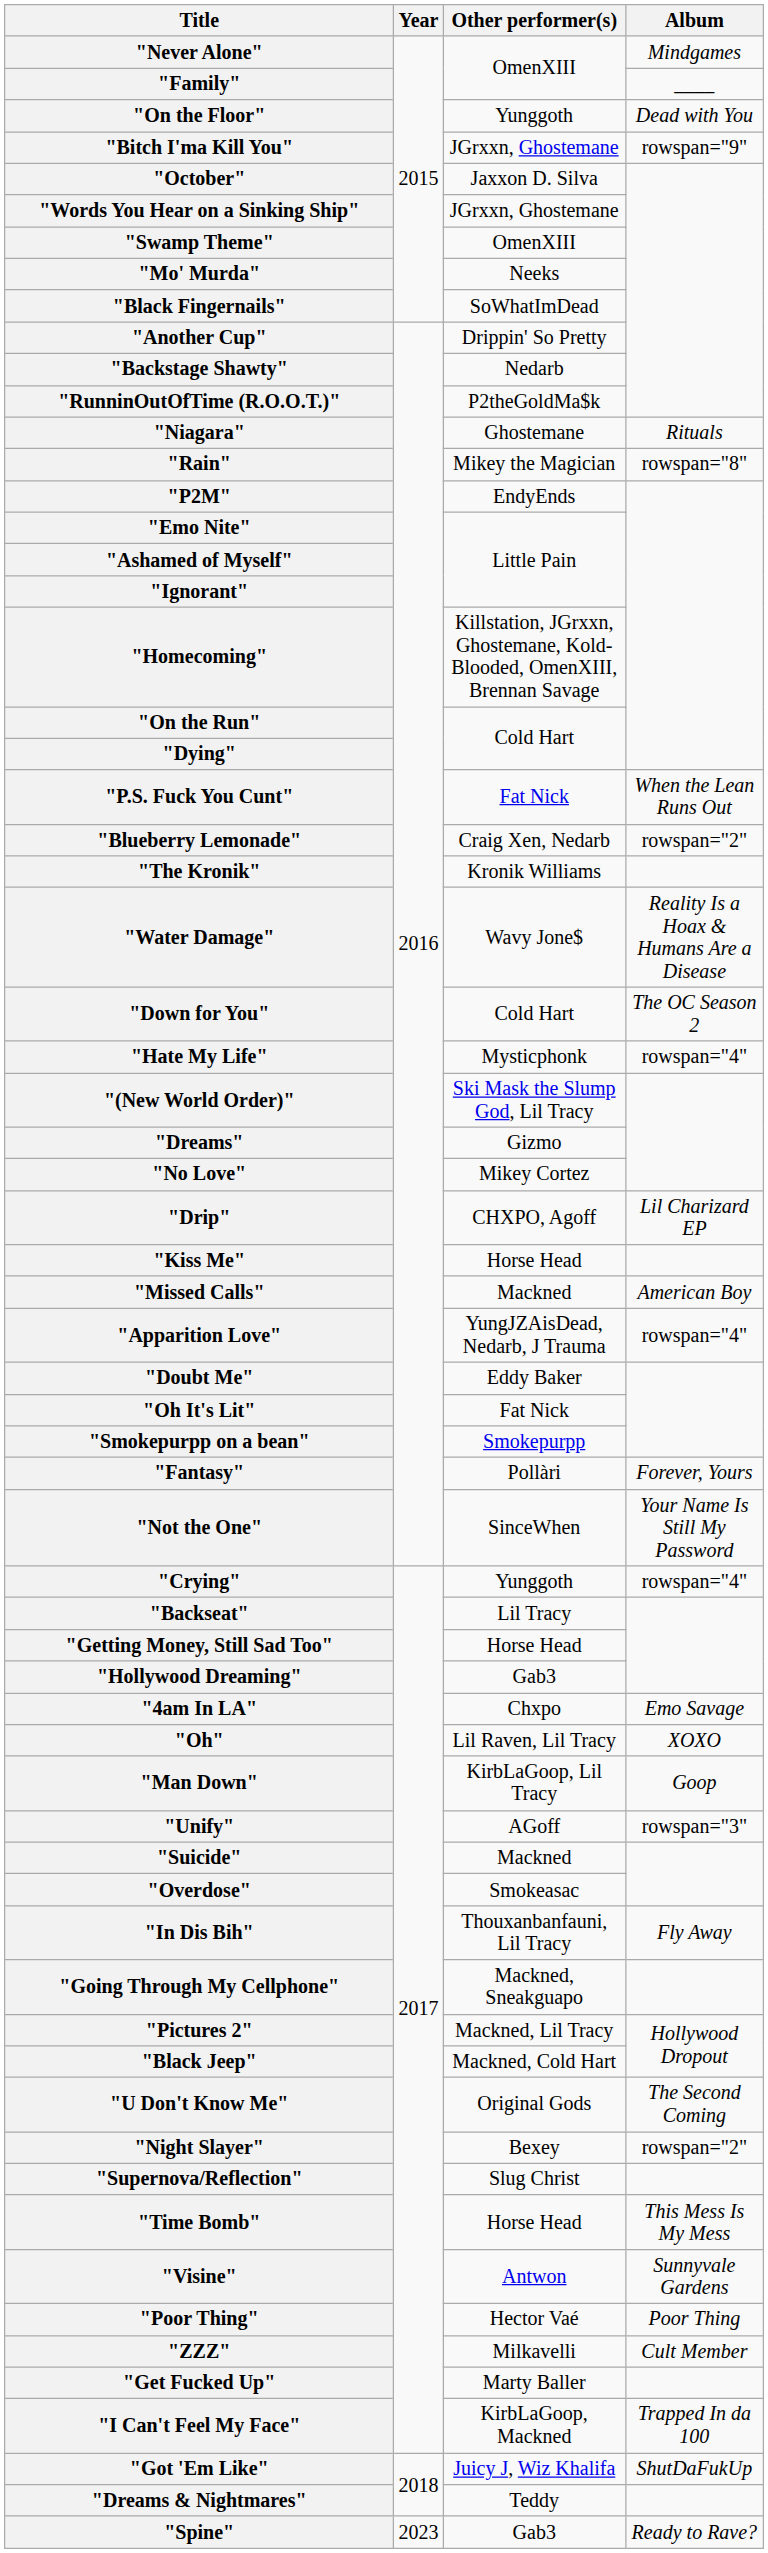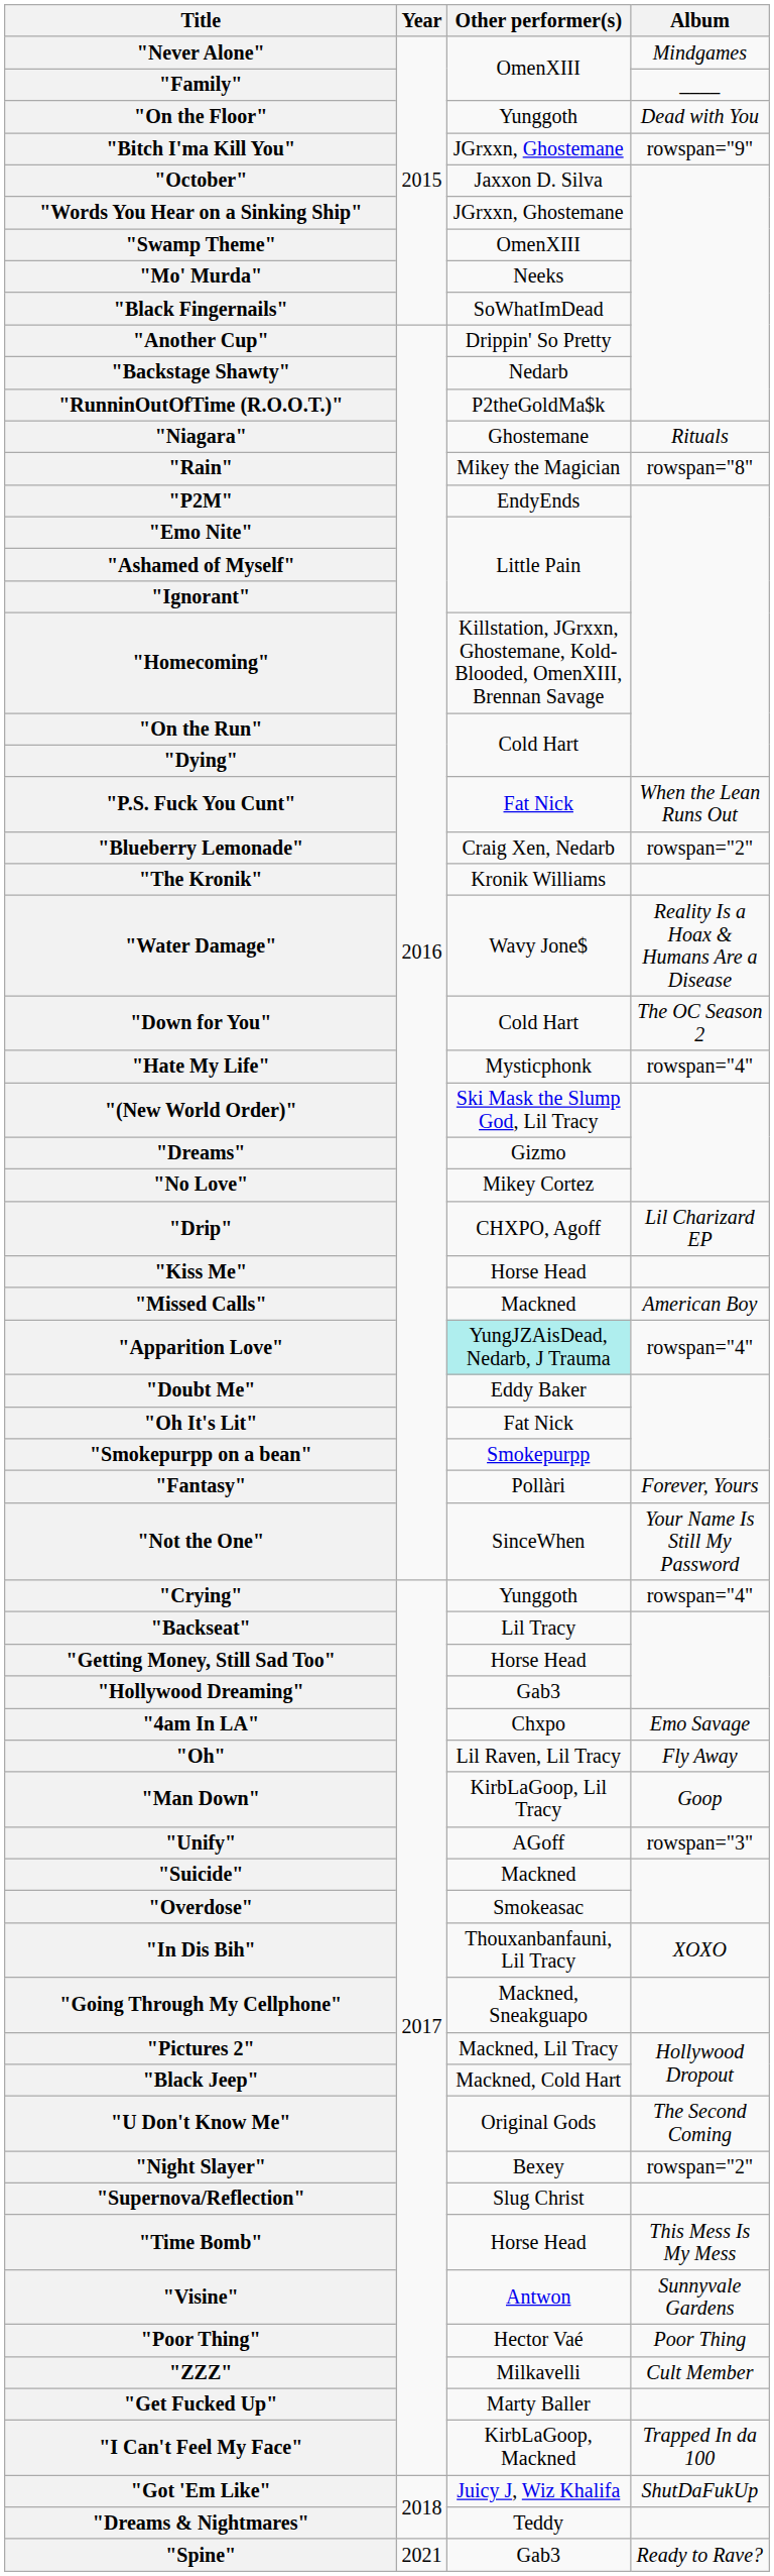 <table class="wikitable plainrowheaders" style="text-align:center;">
 <tr>
 <th style="width:19em;">Title</th>
 <th>Year</th>
 <th>Other performer(s)</th>
 <th>Album</th>
 </tr>
 <tr>
 <th scope="row">"Never Alone"</th>
 <td rowspan="9">2015</td>
 <td rowspan="2">OmenXIII</td>
 <td><em>Mindgames</em></td>
 </tr>
 <tr>
 <th scope="row">"Family"</th>
 <td><em>____</em></td>
 </tr>
 <tr>
 <th scope="row">"On the Floor"</th>
 <td>Yunggoth</td>
 <td><em>Dead with You</em></td>
 </tr>
 <tr>
 <th scope="row">"Bitch I'ma Kill You"</th>
 <td>JGrxxn, <a href='#'>Ghostemane</a></td>
 <td>rowspan="9" </td>
 </tr>
 <tr>
 <th scope="row">"October"</th>
 <td>Jaxxon D. Silva</td>
 </tr>
 <tr>
 <th scope="row">"Words You Hear on a Sinking Ship"</th>
 <td>JGrxxn, Ghostemane</td>
 </tr>
 <tr>
 <th scope="row">"Swamp Theme"</th>
 <td>OmenXIII</td>
 </tr>
 <tr>
 <th scope="row">"Mo' Murda"</th>
 <td>Neeks</td>
 </tr>
 <tr>
 <th scope="row">"Black Fingernails"</th>
 <td>SoWhatImDead</td>
 </tr>
 <tr>
 <th scope="row">"Another Cup"</th>
 <td rowspan="30">2016</td>
 <td>Drippin' So Pretty</td>
 </tr>
 <tr>
 <th scope="row">"Backstage Shawty"</th>
 <td>Nedarb</td>
 </tr>
 <tr>
 <th scope="row">"RunninOutOfTime (R.O.O.T.)"</th>
 <td>P2theGoldMa$k</td>
 </tr>
 <tr>
 <th scope="row">"Niagara"</th>
 <td>Ghostemane</td>
 <td><em>Rituals</em></td>
 </tr>
 <tr>
 <th scope="row">"Rain"</th>
 <td>Mikey the Magician</td>
 <td>rowspan="8" </td>
 </tr>
 <tr>
 <th scope="row">"P2M"</th>
 <td>EndyEnds</td>
 </tr>
 <tr>
 <th scope="row">"Emo Nite"</th>
 <td rowspan="3">Little Pain</td>
 </tr>
 <tr>
 <th scope="row">"Ashamed of Myself"</th>
 </tr>
 <tr>
 <th scope="row">"Ignorant"</th>
 </tr>
 <tr>
 <th scope="row">"Homecoming"</th>
 <td>Killstation, JGrxxn, Ghostemane, Kold-Blooded, OmenXIII, Brennan Savage</td>
 </tr>
 <tr>
 <th scope="row">"On the Run"</th>
 <td rowspan="2">Cold Hart</td>
 </tr>
 <tr>
 <th scope="row">"Dying"</th>
 </tr>
 <tr>
 <th scope="row">"P.S. Fuck You Cunt"</th>
 <td><a href='#'>Fat Nick</a></td>
 <td><em>When the Lean Runs Out</em></td>
 </tr>
 <tr>
 <th scope="row">"Blueberry Lemonade"</th>
 <td>Craig Xen, Nedarb</td>
 <td>rowspan="2" </td>
 </tr>
 <tr>
 <th scope="row">"The Kronik"</th>
 <td>Kronik Williams</td>
 </tr>
 <tr>
 <th scope="row">"Water Damage"</th>
 <td>Wavy Jone$</td>
 <td><em>Reality Is a Hoax & Humans Are a Disease</em></td>
 </tr>
 <tr>
 <th scope="row">"Down for You"</th>
 <td>Cold Hart</td>
 <td><em>The OC Season 2</em></td>
 </tr>
 <tr>
 <th scope="row">"Hate My Life"</th>
 <td>Mysticphonk</td>
 <td>rowspan="4" </td>
 </tr>
 <tr>
 <th scope="row">"(New World Order)"</th>
 <td><a href='#'>Ski Mask the Slump God</a>, Lil Tracy</td>
 </tr>
 <tr>
 <th scope="row">"Dreams"</th>
 <td>Gizmo</td>
 </tr>
 <tr>
 <th scope="row">"No Love"</th>
 <td>Mikey Cortez</td>
 </tr>
 <tr>
 <th scope="row">"Drip"</th>
 <td>CHXPO, Agoff</td>
 <td><em>Lil Charizard EP</em></td>
 </tr>
 <tr>
 <th scope="row">"Kiss Me"</th>
 <td>Horse Head</td>
 <td></td>
 </tr>
 <tr>
 <th scope="row">"Missed Calls"</th>
 <td>Mackned</td>
 <td><em>American Boy</em></td>
 </tr>
 <tr>
 <th scope="row">"Apparition Love"</th>
-<td>YungJZAisDead, Nedarb, J Trauma</td>
+<td style="background: paleturquoise;">YungJZAisDead, Nedarb, J Trauma</td>
 <td>rowspan="4" </td>
 </tr>
 <tr>
 <th scope="row">"Doubt Me"</th>
 <td>Eddy Baker</td>
 </tr>
 <tr>
 <th scope="row">"Oh It's Lit"</th>
 <td>Fat Nick</td>
 </tr>
 <tr>
 <th scope="row">"Smokepurpp on a bean"</th>
 <td><a href='#'>Smokepurpp</a></td>
 </tr>
 <tr>
 <th scope="row">"Fantasy"</th>
 <td>Pollàri</td>
 <td><em>Forever, Yours</em></td>
 </tr>
 <tr>
 <th scope="row">"Not the One"</th>
 <td>SinceWhen</td>
 <td><em>Your Name Is Still My Password</em></td>
 </tr>
 <tr>
 <th scope="row">"Crying"</th>
 <td rowspan="23">2017</td>
 <td>Yunggoth</td>
 <td>rowspan="4" </td>
 </tr>
 <tr>
 <th scope="row">"Backseat"</th>
 <td>Lil Tracy</td>
 </tr>
 <tr>
 <th scope="row">"Getting Money, Still Sad Too"</th>
 <td>Horse Head</td>
 </tr>
 <tr>
 <th scope="row">"Hollywood Dreaming"</th>
 <td>Gab3</td>
 </tr>
 <tr>
 <th scope="row">"4am In LA"</th>
 <td>Chxpo</td>
 <td><em>Emo Savage</em></td>
 </tr>
 <tr>
 <th scope="row">"Oh"</th>
 <td>Lil Raven, Lil Tracy</td>
-<td><em>XOXO</em></td>
+<td><em>Fly Away</em></td>
 </tr>
 <tr>
 <th scope="row">"Man Down"</th>
 <td>KirbLaGoop, Lil Tracy</td>
 <td><em>Goop</em></td>
 </tr>
 <tr>
 <th scope="row">"Unify"</th>
 <td>AGoff</td>
 <td>rowspan="3" </td>
 </tr>
 <tr>
 <th scope="row">"Suicide"</th>
 <td>Mackned</td>
 </tr>
 <tr>
 <th scope="row">"Overdose"</th>
 <td>Smokeasac</td>
 </tr>
 <tr>
 <th scope="row">"In Dis Bih"</th>
 <td>Thouxanbanfauni, Lil Tracy</td>
-<td><em>Fly Away</em></td>
+<td><em>XOXO</em></td>
 </tr>
 <tr>
 <th scope="row">"Going Through My Cellphone"</th>
 <td>Mackned, Sneakguapo</td>
 <td></td>
 </tr>
 <tr>
 <th scope="row">"Pictures 2"</th>
 <td>Mackned, Lil Tracy</td>
 <td rowspan="2"><em>Hollywood Dropout</em></td>
 </tr>
 <tr>
 <th scope="row">"Black Jeep"</th>
 <td>Mackned, Cold Hart</td>
 </tr>
 <tr>
 <th scope="row">"U Don't Know Me"</th>
 <td>Original Gods</td>
 <td><em>The Second Coming</em></td>
 </tr>
 <tr>
 <th scope="row">"Night Slayer"</th>
 <td>Bexey</td>
 <td>rowspan="2" </td>
 </tr>
 <tr>
 <th scope="row">"Supernova/Reflection"</th>
 <td>Slug Christ</td>
 </tr>
 <tr>
 <th scope="row">"Time Bomb"</th>
 <td>Horse Head</td>
 <td><em>This Mess Is My Mess</em></td>
 </tr>
 <tr>
 <th scope="row">"Visine"</th>
 <td><a href='#'>Antwon</a></td>
 <td><em>Sunnyvale Gardens</em></td>
 </tr>
 <tr>
 <th scope="row">"Poor Thing"</th>
 <td>Hector Vaé</td>
 <td><em>Poor Thing</em></td>
 </tr>
 <tr>
 <th scope="row">"ZZZ"</th>
 <td>Milkavelli</td>
 <td><em>Cult Member</em></td>
 </tr>
 <tr>
 <th scope="row">"Get Fucked Up"</th>
 <td>Marty Baller</td>
 <td></td>
 </tr>
 <tr>
 <th scope="row">"I Can't Feel My Face"</th>
 <td>KirbLaGoop, Mackned</td>
 <td><em>Trapped In da 100</em></td>
 </tr>
 <tr>
 <th scope="row">"Got 'Em Like"</th>
 <td rowspan="2">2018</td>
 <td><a href='#'>Juicy J</a>, <a href='#'>Wiz Khalifa</a></td>
 <td><em>ShutDaFukUp</em></td>
 </tr>
 <tr>
 <th scope="row">"Dreams & Nightmares"</th>
 <td>Teddy</td>
 <td></td>
 </tr>
 <tr>
 <th scope="row">"Spine"</th>
-<td>2023</td>
+<td>2021</td>
 <td>Gab3</td>
 <td><em>Ready to Rave?</em></td>
 </tr>
 </table>
